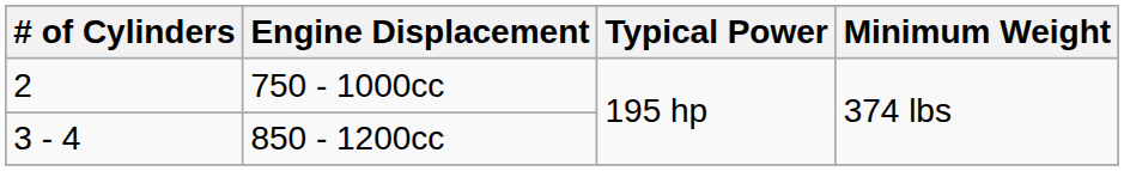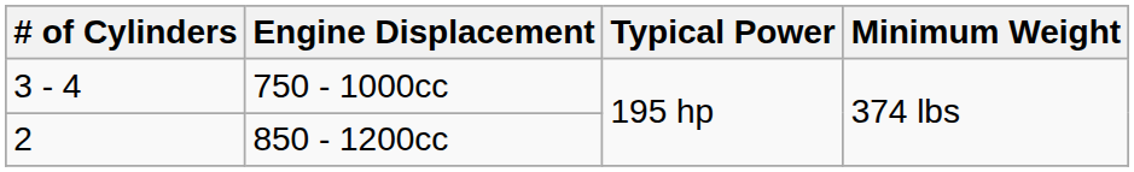 <table class="wikitable">
 <tr>
 <th># of Cylinders</th>
 <th>Engine Displacement</th>
 <th>Typical Power</th>
 <th>Minimum Weight</th>
 </tr>
 <tr>
-<td>2</td>
+<td>3 - 4</td>
 <td>750 - 1000cc</td>
 <td rowspan="2">195 hp</td>
 <td rowspan="2">374 lbs</td>
 </tr>
 <tr>
-<td>3 - 4</td>
+<td>2</td>
 <td>850 - 1200cc</td>
 </tr>
 </table>
